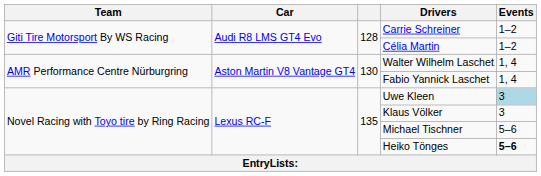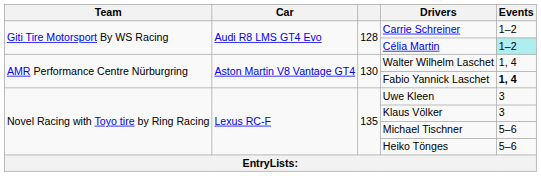 <table class="wikitable" style="font-size: 85%;">
 <tr>
 <th>Team</th>
 <th>Car</th>
 <th></th>
 <th>Drivers</th>
 <th>Events</th>
 </tr>
 <tr>
 <td rowspan="2"> <a href='#'>Giti Tire Motorsport</a> By WS Racing</td>
 <td rowspan="2"><a href='#'>Audi R8 LMS GT4 Evo</a></td>
 <td style="text-align:center" rowspan="2">128</td>
 <td> <a href='#'>Carrie Schreiner</a></td>
 <td>1–2</td>
 </tr>
 <tr>
 <td> <a href='#'>Célia Martin</a></td>
-<td>1–2</td>
+<td style="background: paleturquoise;">1–2</td>
 </tr>
 <tr>
 <td rowspan="2"> <a href='#'>AMR</a> Performance Centre Nürburgring</td>
 <td rowspan="2"><a href='#'>Aston Martin V8 Vantage GT4</a></td>
 <td rowspan="2" style="text-align:center">130</td>
 <td> Walter Wilhelm Laschet</td>
 <td>1, 4</td>
 </tr>
 <tr>
 <td> Fabio Yannick Laschet</td>
-<td>1, 4</td>
+<td><strong>1, 4</strong></td>
 </tr>
 <tr>
 <td rowspan=4> Novel Racing with <a href='#'>Toyo tire</a> by Ring Racing</td>
 <td rowspan=4><a href='#'>Lexus RC-F</a></td>
 <td rowspan=4 align=center>135</td>
 <td> Uwe Kleen</td>
-<td style="background: lightblue;">3</td>
+<td>3</td>
 </tr>
 <tr>
 <td> Klaus Völker</td>
 <td>3</td>
 </tr>
 <tr>
 <td> Michael Tischner</td>
 <td>5–6</td>
 </tr>
 <tr>
 <td> Heiko Tönges</td>
-<td><strong>5–6</strong></td>
+<td>5–6</td>
 </tr>
 <tr>
 <th colspan="5">EntryLists:</th>
 </tr>
 </table>
